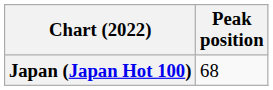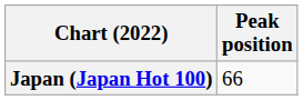 <table class="wikitable ">
 <tr>
 <th scope="col">Chart (2022)</th>
 <th scope="col">Peak<br>position</th>
 </tr>
 <tr>
 <th scope="row">Japan (<a href='#'>Japan Hot 100</a>)</th>
-<td>68</td>
+<td>66</td>
 </tr>
 </table>
